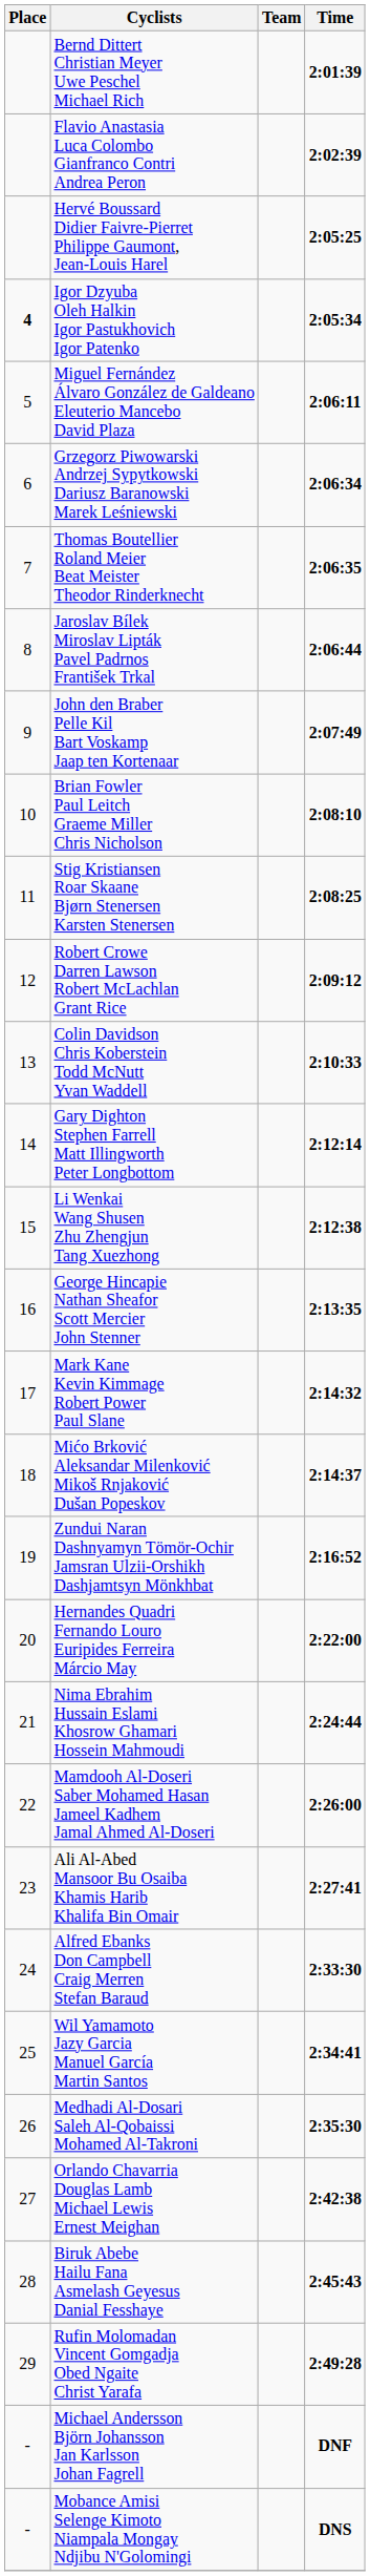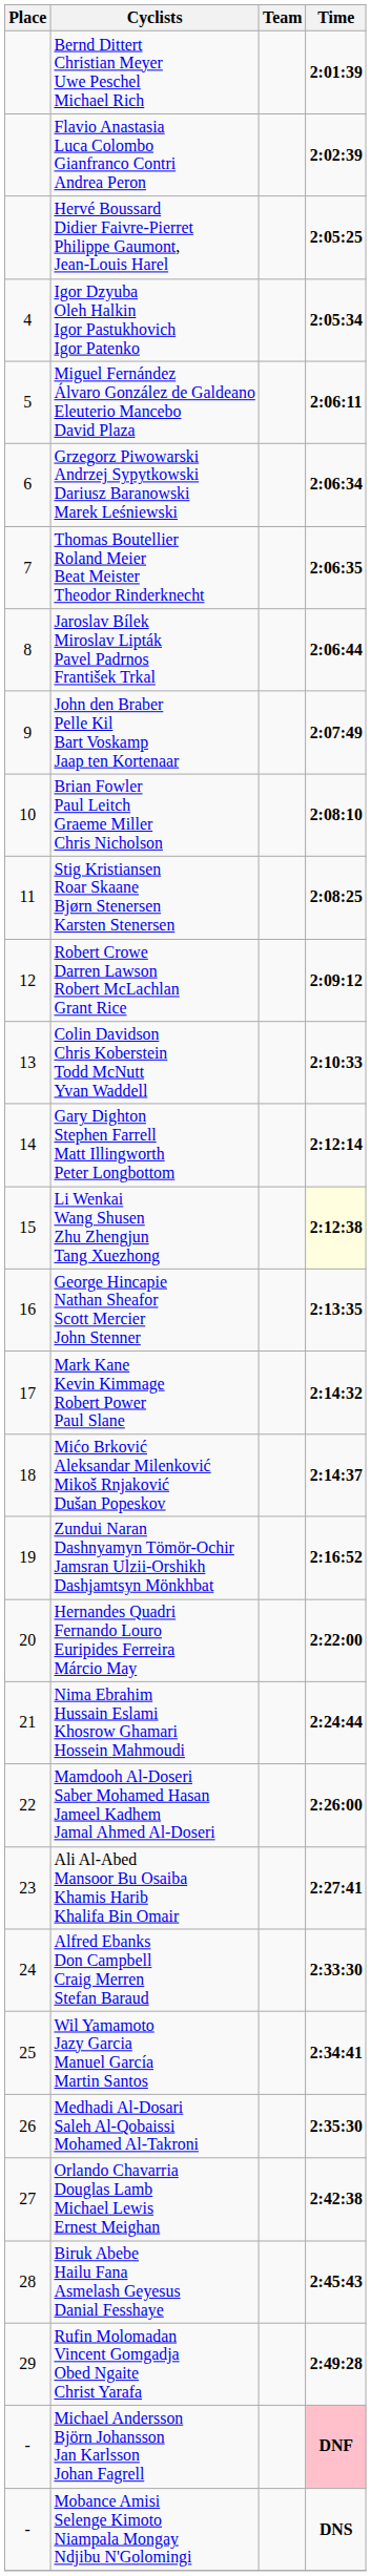 <table class=wikitable style="text-align:center">
 <tr>
 <th>Place</th>
 <th>Cyclists</th>
 <th>Team</th>
 <th>Time</th>
 </tr>
 <tr>
 <td></td>
 <td align=left><a href='#'>Bernd Dittert</a><br> <a href='#'>Christian Meyer</a><br><a href='#'>Uwe Peschel</a><br><a href='#'>Michael Rich</a></td>
 <td></td>
 <td><strong>2:01:39</strong></td>
 </tr>
 <tr>
 <td></td>
 <td align=left><a href='#'>Flavio Anastasia</a><br> <a href='#'>Luca Colombo</a><br> <a href='#'>Gianfranco Contri</a><br> <a href='#'>Andrea Peron</a></td>
 <td></td>
 <td><strong>2:02:39</strong></td>
 </tr>
 <tr>
 <td></td>
 <td align=left><a href='#'>Hervé Boussard</a><br><a href='#'>Didier Faivre-Pierret</a><br><a href='#'>Philippe Gaumont</a>,<br><a href='#'>Jean-Louis Harel</a></td>
 <td></td>
 <td><strong>2:05:25</strong></td>
 </tr>
 <tr>
-<td><strong>4</strong></td>
+<td>4</td>
 <td align=left><a href='#'>Igor Dzyuba</a> <br> <a href='#'>Oleh Halkin</a> <br> <a href='#'>Igor Pastukhovich</a> <br> <a href='#'>Igor Patenko</a></td>
 <td></td>
 <td><strong>2:05:34</strong></td>
 </tr>
 <tr>
 <td>5</td>
 <td align=left><a href='#'>Miguel Fernández</a> <br> <a href='#'>Álvaro González de Galdeano</a> <br> <a href='#'>Eleuterio Mancebo</a> <br> <a href='#'>David Plaza</a></td>
 <td></td>
 <td><strong>2:06:11</strong></td>
 </tr>
 <tr>
 <td>6</td>
 <td align=left><a href='#'>Grzegorz Piwowarski</a> <br> <a href='#'>Andrzej Sypytkowski</a> <br> <a href='#'>Dariusz Baranowski</a> <br> <a href='#'>Marek Leśniewski</a></td>
 <td></td>
 <td><strong>2:06:34</strong></td>
 </tr>
 <tr>
 <td>7</td>
 <td align=left><a href='#'>Thomas Boutellier</a> <br> <a href='#'>Roland Meier</a> <br> <a href='#'>Beat Meister</a> <br> <a href='#'>Theodor Rinderknecht</a></td>
 <td></td>
 <td><strong>2:06:35</strong></td>
 </tr>
 <tr>
 <td>8</td>
 <td align=left><a href='#'>Jaroslav Bílek</a> <br> <a href='#'>Miroslav Lipták</a> <br> <a href='#'>Pavel Padrnos</a> <br> <a href='#'>František Trkal</a></td>
 <td></td>
 <td><strong>2:06:44</strong></td>
 </tr>
 <tr>
 <td>9</td>
 <td align=left><a href='#'>John den Braber</a> <br> <a href='#'>Pelle Kil</a> <br> <a href='#'>Bart Voskamp</a> <br> <a href='#'>Jaap ten Kortenaar</a></td>
 <td></td>
 <td><strong>2:07:49</strong></td>
 </tr>
 <tr>
 <td>10</td>
 <td align=left><a href='#'>Brian Fowler</a> <br> <a href='#'>Paul Leitch</a> <br> <a href='#'>Graeme Miller</a> <br> <a href='#'>Chris Nicholson</a></td>
 <td></td>
 <td><strong>2:08:10</strong></td>
 </tr>
 <tr>
 <td>11</td>
 <td align=left><a href='#'>Stig Kristiansen</a> <br> <a href='#'>Roar Skaane</a> <br> <a href='#'>Bjørn Stenersen</a> <br> <a href='#'>Karsten Stenersen</a></td>
 <td></td>
 <td><strong>2:08:25</strong></td>
 </tr>
 <tr>
 <td>12</td>
 <td align=left><a href='#'>Robert Crowe</a> <br> <a href='#'>Darren Lawson</a> <br> <a href='#'>Robert McLachlan</a> <br> <a href='#'>Grant Rice</a></td>
 <td></td>
 <td><strong>2:09:12</strong></td>
 </tr>
 <tr>
 <td>13</td>
 <td align=left><a href='#'>Colin Davidson</a> <br> <a href='#'>Chris Koberstein</a> <br> <a href='#'>Todd McNutt</a> <br> <a href='#'>Yvan Waddell</a></td>
 <td></td>
 <td><strong>2:10:33</strong></td>
 </tr>
 <tr>
 <td>14</td>
 <td align=left><a href='#'>Gary Dighton</a> <br> <a href='#'>Stephen Farrell</a> <br> <a href='#'>Matt Illingworth</a> <br> <a href='#'>Peter Longbottom</a></td>
 <td></td>
 <td><strong>2:12:14</strong></td>
 </tr>
 <tr>
 <td>15</td>
 <td align=left><a href='#'>Li Wenkai</a> <br> <a href='#'>Wang Shusen</a> <br> <a href='#'>Zhu Zhengjun</a> <br> <a href='#'>Tang Xuezhong</a></td>
 <td></td>
-<td><strong>2:12:38</strong></td>
+<td style="background: lightyellow;"><strong>2:12:38</strong></td>
 </tr>
 <tr>
 <td>16</td>
 <td align=left><a href='#'>George Hincapie</a> <br> <a href='#'>Nathan Sheafor</a> <br> <a href='#'>Scott Mercier</a> <br> <a href='#'>John Stenner</a></td>
 <td></td>
 <td><strong>2:13:35</strong></td>
 </tr>
 <tr>
 <td>17</td>
 <td align=left><a href='#'>Mark Kane</a> <br> <a href='#'>Kevin Kimmage</a> <br> <a href='#'>Robert Power</a> <br> <a href='#'>Paul Slane</a></td>
 <td></td>
 <td><strong>2:14:32</strong></td>
 </tr>
 <tr>
 <td>18</td>
 <td align=left><a href='#'>Mićo Brković</a> <br> <a href='#'>Aleksandar Milenković</a> <br> <a href='#'>Mikoš Rnjaković</a> <br> <a href='#'>Dušan Popeskov</a></td>
 <td></td>
 <td><strong>2:14:37</strong></td>
 </tr>
 <tr>
 <td>19</td>
 <td align=left><a href='#'>Zundui Naran</a> <br> <a href='#'>Dashnyamyn Tömör-Ochir</a> <br> <a href='#'>Jamsran Ulzii-Orshikh</a> <br> <a href='#'>Dashjamtsyn Mönkhbat</a></td>
 <td></td>
 <td><strong>2:16:52</strong></td>
 </tr>
 <tr>
 <td>20</td>
 <td align=left><a href='#'>Hernandes Quadri</a> <br> <a href='#'>Fernando Louro</a> <br> <a href='#'>Euripides Ferreira</a> <br> <a href='#'>Márcio May</a></td>
 <td></td>
 <td><strong>2:22:00</strong></td>
 </tr>
 <tr>
 <td>21</td>
 <td align=left><a href='#'>Nima Ebrahim</a> <br> <a href='#'>Hussain Eslami</a> <br> <a href='#'>Khosrow Ghamari</a> <br> <a href='#'>Hossein Mahmoudi</a></td>
 <td></td>
 <td><strong>2:24:44</strong></td>
 </tr>
 <tr>
 <td>22</td>
 <td align=left><a href='#'>Mamdooh Al-Doseri</a> <br> <a href='#'>Saber Mohamed Hasan</a> <br> <a href='#'>Jameel Kadhem</a> <br> <a href='#'>Jamal Ahmed Al-Doseri</a></td>
 <td></td>
 <td><strong>2:26:00</strong></td>
 </tr>
 <tr>
 <td>23</td>
 <td align=left>Ali Al-Abed <br> <a href='#'>Mansoor Bu Osaiba</a> <br> <a href='#'>Khamis Harib</a> <br> <a href='#'>Khalifa Bin Omair</a></td>
 <td></td>
 <td><strong>2:27:41</strong></td>
 </tr>
 <tr>
 <td>24</td>
 <td align=left><a href='#'>Alfred Ebanks</a> <br> <a href='#'>Don Campbell</a> <br> <a href='#'>Craig Merren</a> <br> <a href='#'>Stefan Baraud</a></td>
 <td></td>
 <td><strong>2:33:30</strong></td>
 </tr>
 <tr>
 <td>25</td>
 <td align=left><a href='#'>Wil Yamamoto</a> <br> <a href='#'>Jazy Garcia</a> <br> <a href='#'>Manuel García</a> <br> <a href='#'>Martin Santos</a></td>
 <td></td>
 <td><strong>2:34:41</strong></td>
 </tr>
 <tr>
 <td>26</td>
 <td align=left><a href='#'>Medhadi Al-Dosari</a> <br> <a href='#'>Saleh Al-Qobaissi</a> <br> <a href='#'>Mohamed Al-Takroni</a></td>
 <td></td>
 <td><strong>2:35:30</strong></td>
 </tr>
 <tr>
 <td>27</td>
 <td align=left><a href='#'>Orlando Chavarria</a> <br> <a href='#'>Douglas Lamb</a> <br> <a href='#'>Michael Lewis</a> <br> <a href='#'>Ernest Meighan</a></td>
 <td></td>
 <td><strong>2:42:38</strong></td>
 </tr>
 <tr>
 <td>28</td>
 <td align=left><a href='#'>Biruk Abebe</a> <br> <a href='#'>Hailu Fana</a> <br> <a href='#'>Asmelash Geyesus</a> <br> <a href='#'>Danial Fesshaye</a></td>
 <td></td>
 <td><strong>2:45:43</strong></td>
 </tr>
 <tr>
 <td>29</td>
 <td align=left><a href='#'>Rufin Molomadan</a> <br> <a href='#'>Vincent Gomgadja</a> <br> <a href='#'>Obed Ngaite</a> <br> <a href='#'>Christ Yarafa</a></td>
 <td></td>
 <td><strong>2:49:28</strong></td>
 </tr>
 <tr>
 <td>-</td>
 <td align=left><a href='#'>Michael Andersson</a> <br> <a href='#'>Björn Johansson</a> <br> <a href='#'>Jan Karlsson</a> <br> <a href='#'>Johan Fagrell</a></td>
 <td></td>
-<td><strong>DNF</strong></td>
+<td style="background: pink;"><strong>DNF</strong></td>
 </tr>
 <tr>
 <td>-</td>
 <td align=left><a href='#'>Mobance Amisi</a> <br> <a href='#'>Selenge Kimoto</a> <br> <a href='#'>Niampala Mongay</a> <br> <a href='#'>Ndjibu N'Golomingi</a></td>
 <td></td>
 <td><strong>DNS</strong></td>
 </tr>
 <tr>
 </tr>
 </table>
